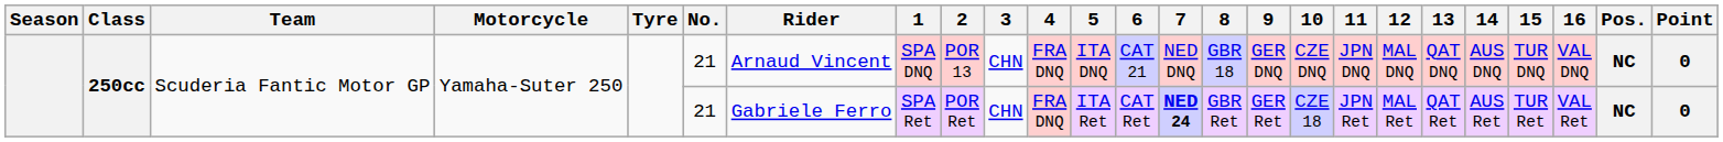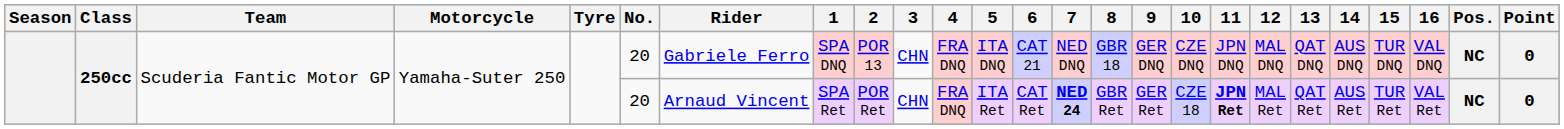 <table class="wikitable" style="text-align:center; font-size:85%">
 <tr>
 <th scope="col">Season</th>
 <th scope="col">Class</th>
 <th scope="col">Team</th>
 <th scope="col">Motorcycle</th>
 <th scope="col">Tyre</th>
 <th scope="col">No.</th>
 <th scope="col">Rider</th>
 <th scope="col">1</th>
 <th scope="col">2</th>
 <th scope="col">3</th>
 <th scope="col">4</th>
 <th scope="col">5</th>
 <th scope="col">6</th>
 <th scope="col">7</th>
 <th scope="col">8</th>
 <th scope="col">9</th>
 <th scope="col">10</th>
 <th scope="col">11</th>
 <th scope="col">12</th>
 <th scope="col">13</th>
 <th scope="col">14</th>
 <th scope="col">15</th>
 <th scope="col">16</th>
 <th scope="col">Pos.</th>
 <th scope="col">Point</th>
 </tr>
 <tr>
 <th scope="row" rowspan="2"></th>
 <th rowspan="2">250cc</th>
 <td rowspan="2">Scuderia Fantic Motor GP</td>
 <td rowspan="2">Yamaha-Suter 250</td>
 <td rowspan="2"></td>
-<td>21</td>
-<td style="text-align:left;"> <a href='#'>Arnaud Vincent</a></td>
+<td>20</td>
+<td style="text-align:left;"> <a href='#'>Gabriele Ferro</a></td>
 <td style="background:#FFCFCF;"><a href='#'>SPA</a><br><small>DNQ</small></td>
 <td style="background:#FFCFCF;"><a href='#'>POR</a><br><small>13</small></td>
 <td style="background:#;"><a href='#'>CHN</a><br><small></small></td>
 <td style="background:#FFCFCF;"><a href='#'>FRA</a><br><small>DNQ</small></td>
 <td style="background:#FFCFCF;"><a href='#'>ITA</a><br><small>DNQ</small></td>
 <td style="background:#CFCFFF;"><a href='#'>CAT</a><br><small>21</small></td>
 <td style="background:#FFCFCF;"><a href='#'>NED</a><br><small>DNQ</small></td>
 <td style="background:#CFCFFF;"><a href='#'>GBR</a><br><small>18</small></td>
 <td style="background:#FFCFCF;"><a href='#'>GER</a><br><small>DNQ</small></td>
 <td style="background:#FFCFCF;"><a href='#'>CZE</a><br><small>DNQ</small></td>
 <td style="background:#FFCFCF;"><a href='#'>JPN</a><br><small>DNQ</small></td>
 <td style="background:#FFCFCF;"><a href='#'>MAL</a><br><small>DNQ</small></td>
 <td style="background:#FFCFCF;"><a href='#'>QAT</a><br><small>DNQ</small></td>
 <td style="background:#FFCFCF;"><a href='#'>AUS</a><br><small>DNQ</small></td>
 <td style="background:#FFCFCF;"><a href='#'>TUR</a><br><small>DNQ</small></td>
 <td style="background:#FFCFCF;"><a href='#'>VAL</a><br><small>DNQ</small></td>
 <th>NC</th>
 <th>0</th>
 </tr>
 <tr>
-<td>21</td>
-<td style="text-align:left;"> <a href='#'>Gabriele Ferro</a></td>
+<td>20</td>
+<td style="text-align:left;"> <a href='#'>Arnaud Vincent</a></td>
 <td style="background:#EFCFFF;"><a href='#'>SPA</a><br><small>Ret</small></td>
 <td style="background:#EFCFFF;"><a href='#'>POR</a><br><small>Ret</small></td>
 <td style="background:#;"><a href='#'>CHN</a><br><small></small></td>
 <td style="background:#FFCFCF;"><a href='#'>FRA</a><br><small>DNQ</small></td>
 <td style="background:#EFCFFF;"><a href='#'>ITA</a><br><small>Ret</small></td>
 <td style="background:#EFCFFF;"><a href='#'>CAT</a><br><small>Ret</small></td>
 <td style="background:#CFCFFF;"><strong><a href='#'>NED</a><br><small>24</small></strong></td>
 <td style="background:#EFCFFF;"><a href='#'>GBR</a><br><small>Ret</small></td>
 <td style="background:#EFCFFF;"><a href='#'>GER</a><br><small>Ret</small></td>
 <td style="background:#CFCFFF;"><a href='#'>CZE</a><br><small>18</small></td>
-<td style="background:#EFCFFF;"><a href='#'>JPN</a><br><small>Ret</small></td>
+<td style="background:#EFCFFF;"><strong><a href='#'>JPN</a><br><small>Ret</small></strong></td>
 <td style="background:#EFCFFF;"><a href='#'>MAL</a><br><small>Ret</small></td>
 <td style="background:#EFCFFF;"><a href='#'>QAT</a><br><small>Ret</small></td>
 <td style="background:#EFCFFF;"><a href='#'>AUS</a><br><small>Ret</small></td>
 <td style="background:#EFCFFF;"><a href='#'>TUR</a><br><small>Ret</small></td>
 <td style="background:#EFCFFF;"><a href='#'>VAL</a><br><small>Ret</small></td>
 <th>NC</th>
 <th>0</th>
 </tr>
 </table>
